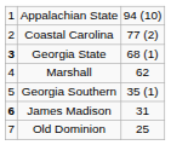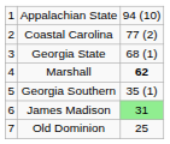 <table class="wikitable" style="display: inline-table;">
 <tr align="center">
 <td>1</td>
 <td>Appalachian State</td>
 <td>94 (10)</td>
 </tr>
 <tr align="center">
 <td>2</td>
 <td>Coastal Carolina</td>
 <td>77 (2)</td>
 </tr>
 <tr align="center">
-<td><strong>3</strong></td>
+<td>3</td>
 <td>Georgia State</td>
 <td>68 (1)</td>
 </tr>
 <tr align="center">
 <td>4</td>
 <td>Marshall</td>
-<td>62</td>
+<td><strong>62</strong></td>
 </tr>
 <tr align="center">
 <td>5</td>
 <td>Georgia Southern</td>
 <td>35 (1)</td>
 </tr>
 <tr align="center">
-<td><strong>6</strong></td>
+<td>6</td>
 <td>James Madison</td>
-<td>31</td>
+<td style="background: lightgreen;">31</td>
 </tr>
 <tr align="center">
 <td>7</td>
 <td>Old Dominion</td>
 <td>25</td>
 </tr>
 </table>
